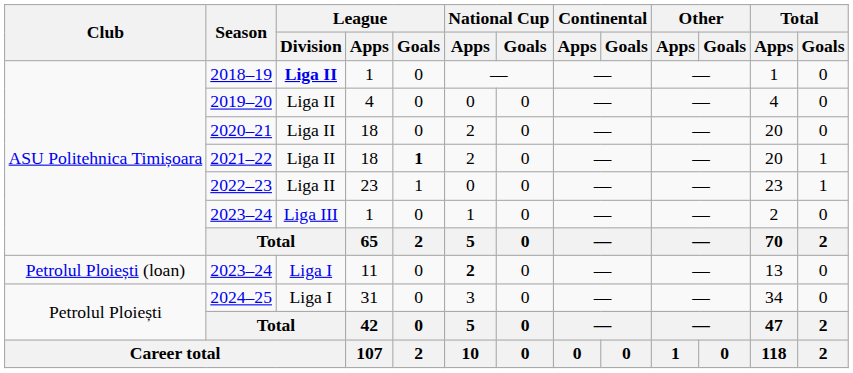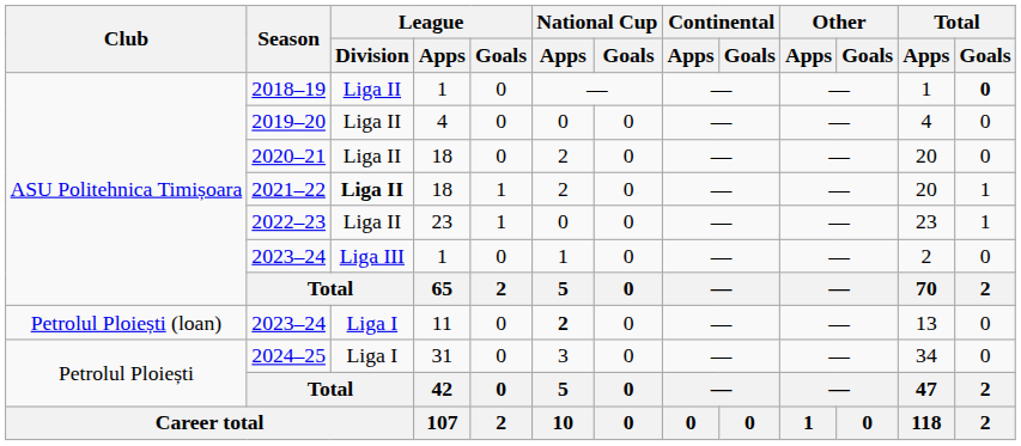 <table class=wikitable style=text-align:center>
 <tr>
 <th rowspan=2>Club</th>
 <th rowspan=2>Season</th>
 <th colspan=3>League</th>
 <th colspan=2>National Cup</th>
 <th colspan=2>Continental</th>
 <th colspan=2>Other</th>
 <th colspan=2>Total</th>
 </tr>
 <tr>
 <th>Division</th>
 <th>Apps</th>
 <th>Goals</th>
 <th>Apps</th>
 <th>Goals</th>
 <th>Apps</th>
 <th>Goals</th>
 <th>Apps</th>
 <th>Goals</th>
 <th>Apps</th>
 <th>Goals</th>
 </tr>
 <tr>
 <td rowspan="7"><a href='#'>ASU Politehnica Timișoara</a></td>
 <td><a href='#'>2018–19</a></td>
-<td rowspan="1"><strong><a href='#'>Liga II</a></strong></td>
+<td rowspan="1"><a href='#'>Liga II</a></td>
 <td>1</td>
 <td>0</td>
 <td colspan="2">—</td>
 <td colspan="2">—</td>
 <td colspan="2">—</td>
 <td>1</td>
-<td>0</td>
+<td><strong>0</strong></td>
 </tr>
 <tr>
 <td><a href='#'>2019–20</a></td>
 <td rowspan="1">Liga II</td>
 <td>4</td>
 <td>0</td>
 <td>0</td>
 <td>0</td>
 <td colspan="2">—</td>
 <td colspan="2">—</td>
 <td>4</td>
 <td>0</td>
 </tr>
 <tr>
 <td><a href='#'>2020–21</a></td>
 <td rowspan="1">Liga II</td>
 <td>18</td>
 <td>0</td>
 <td>2</td>
 <td>0</td>
 <td colspan="2">—</td>
 <td colspan="2">—</td>
 <td>20</td>
 <td>0</td>
 </tr>
 <tr>
 <td><a href='#'>2021–22</a></td>
-<td rowspan="1">Liga II</td>
+<td rowspan="1"><strong>Liga II</strong></td>
 <td>18</td>
-<td><strong>1</strong></td>
+<td>1</td>
 <td>2</td>
 <td>0</td>
 <td colspan="2">—</td>
 <td colspan="2">—</td>
 <td>20</td>
 <td>1</td>
 </tr>
 <tr>
 <td><a href='#'>2022–23</a></td>
 <td rowspan="1">Liga II</td>
 <td>23</td>
 <td>1</td>
 <td>0</td>
 <td>0</td>
 <td colspan="2">—</td>
 <td colspan="2">—</td>
 <td>23</td>
 <td>1</td>
 </tr>
 <tr>
 <td><a href='#'>2023–24</a></td>
 <td rowspan="1"><a href='#'>Liga III</a></td>
 <td>1</td>
 <td>0</td>
 <td>1</td>
 <td>0</td>
 <td colspan="2">—</td>
 <td colspan="2">—</td>
 <td>2</td>
 <td>0</td>
 </tr>
 <tr>
 <th colspan="2">Total</th>
 <th>65</th>
 <th>2</th>
 <th>5</th>
 <th>0</th>
 <th colspan="2">—</th>
 <th colspan="2">—</th>
 <th>70</th>
 <th>2</th>
 </tr>
 <tr>
 <td><a href='#'>Petrolul Ploiești</a> (loan)</td>
 <td><a href='#'>2023–24</a></td>
 <td><a href='#'>Liga I</a></td>
 <td>11</td>
 <td>0</td>
 <td><strong>2</strong></td>
 <td>0</td>
 <td colspan="2">—</td>
 <td colspan="2">—</td>
 <td>13</td>
 <td>0</td>
 </tr>
 <tr>
 <td rowspan="2">Petrolul Ploiești</td>
 <td><a href='#'>2024–25</a></td>
 <td>Liga I</td>
 <td>31</td>
 <td>0</td>
 <td>3</td>
 <td>0</td>
 <td colspan="2">—</td>
 <td colspan="2">—</td>
 <td>34</td>
 <td>0</td>
 </tr>
 <tr>
 <th colspan="2">Total</th>
 <th>42</th>
 <th>0</th>
 <th>5</th>
 <th>0</th>
 <th colspan="2">—</th>
 <th colspan="2">—</th>
 <th>47</th>
 <th>2</th>
 </tr>
 <tr>
 <th colspan="3">Career total</th>
 <th>107</th>
 <th>2</th>
 <th>10</th>
 <th>0</th>
 <th>0</th>
 <th>0</th>
 <th>1</th>
 <th>0</th>
 <th>118</th>
 <th>2</th>
 </tr>
 </table>
